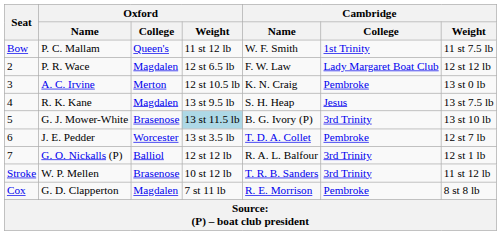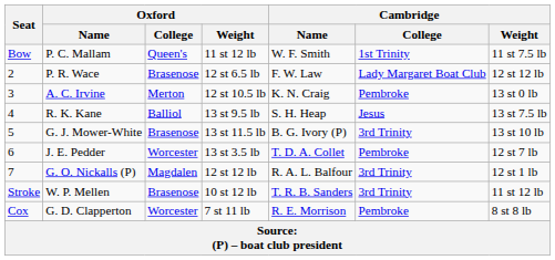 <table class="wikitable">
 <tr>
 <th rowspan="2" scope="col">Seat</th>
 <th colspan="3" scope="col">Oxford <br> </th>
 <th colspan="3" scope="col">Cambridge <br> </th>
 </tr>
 <tr>
 <th>Name</th>
 <th>College</th>
 <th>Weight</th>
 <th>Name</th>
 <th>College</th>
 <th>Weight</th>
 </tr>
 <tr>
 <td><a href='#'>Bow</a></td>
 <td>P. C. Mallam</td>
 <td><a href='#'>Queen's</a></td>
 <td>11 st 12 lb</td>
 <td>W. F. Smith</td>
 <td><a href='#'>1st Trinity</a></td>
 <td>11 st 7.5 lb</td>
 </tr>
 <tr>
 <td>2</td>
 <td>P. R. Wace</td>
-<td><a href='#'>Magdalen</a></td>
+<td><a href='#'>Brasenose</a></td>
 <td>12 st 6.5 lb</td>
 <td>F. W. Law</td>
 <td><a href='#'>Lady Margaret Boat Club</a></td>
 <td>12 st 12 lb</td>
 </tr>
 <tr>
 <td>3</td>
 <td><a href='#'>A. C. Irvine</a></td>
 <td><a href='#'>Merton</a></td>
 <td>12 st 10.5 lb</td>
 <td>K. N. Craig</td>
 <td><a href='#'>Pembroke</a></td>
 <td>13 st 0 lb</td>
 </tr>
 <tr>
 <td>4</td>
 <td>R. K. Kane</td>
-<td><a href='#'>Magdalen</a></td>
+<td><a href='#'>Balliol</a></td>
 <td>13 st 9.5 lb</td>
 <td>S. H. Heap</td>
 <td><a href='#'>Jesus</a></td>
 <td>13 st 7.5 lb</td>
 </tr>
 <tr>
 <td>5</td>
 <td>G. J. Mower-White</td>
 <td><a href='#'>Brasenose</a></td>
-<td style="background: lightblue;">13 st 11.5 lb</td>
+<td>13 st 11.5 lb</td>
 <td>B. G. Ivory (P)</td>
 <td><a href='#'>3rd Trinity</a></td>
 <td>13 st 10 lb</td>
 </tr>
 <tr>
 <td>6</td>
 <td>J. E. Pedder</td>
 <td><a href='#'>Worcester</a></td>
 <td>13 st 3.5 lb</td>
 <td><a href='#'>T. D. A. Collet</a></td>
 <td><a href='#'>Pembroke</a></td>
 <td>12 st 7 lb</td>
 </tr>
 <tr>
 <td>7</td>
 <td><a href='#'>G. O. Nickalls</a> (P)</td>
-<td><a href='#'>Balliol</a></td>
+<td><a href='#'>Magdalen</a></td>
 <td>12 st 12 lb</td>
 <td>R. A. L. Balfour</td>
 <td><a href='#'>3rd Trinity</a></td>
 <td>12 st 1 lb</td>
 </tr>
 <tr>
 <td><a href='#'>Stroke</a></td>
 <td>W. P. Mellen</td>
 <td><a href='#'>Brasenose</a></td>
 <td>10 st 12 lb</td>
 <td><a href='#'>T. R. B. Sanders</a></td>
 <td><a href='#'>3rd Trinity</a></td>
 <td>11 st 12 lb</td>
 </tr>
 <tr>
 <td><a href='#'>Cox</a></td>
 <td>G. D. Clapperton</td>
-<td><a href='#'>Magdalen</a></td>
+<td><a href='#'>Worcester</a></td>
 <td>7 st 11 lb</td>
 <td><a href='#'>R. E. Morrison</a></td>
 <td><a href='#'>Pembroke</a></td>
 <td>8 st 8 lb</td>
 </tr>
 <tr>
 <th colspan="7">Source:<br>(P) – boat club president</th>
 </tr>
 </table>
